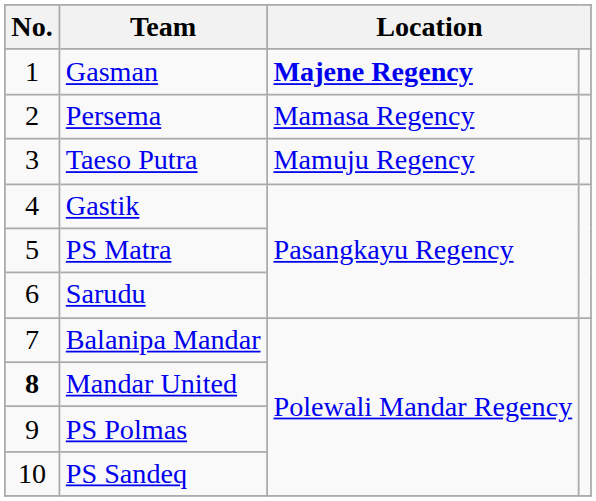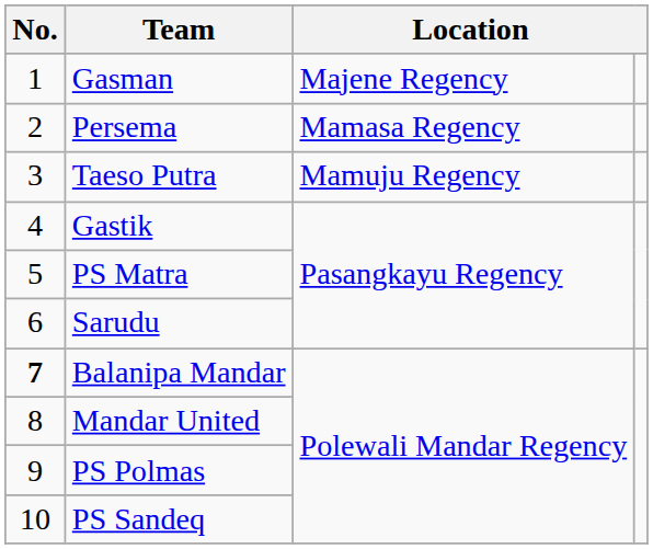 <table class="wikitable">
 <tr>
 <th>No.</th>
 <th>Team</th>
 <th colspan=2>Location</th>
 </tr>
 <tr>
 <td align=center>1</td>
 <td><a href='#'>Gasman</a></td>
-<td><strong><a href='#'>Majene Regency</a></strong></td>
+<td><a href='#'>Majene Regency</a></td>
 <td></td>
 </tr>
 <tr>
 <td align=center>2</td>
 <td><a href='#'>Persema</a></td>
 <td><a href='#'>Mamasa Regency</a></td>
 <td></td>
 </tr>
 <tr>
 <td align=center>3</td>
 <td><a href='#'>Taeso Putra</a></td>
 <td><a href='#'>Mamuju Regency</a></td>
 <td></td>
 </tr>
 <tr>
 <td align=center>4</td>
 <td><a href='#'>Gastik</a></td>
 <td rowspan=3><a href='#'>Pasangkayu Regency</a></td>
 <td rowspan=3></td>
 </tr>
 <tr>
 <td align=center>5</td>
 <td><a href='#'>PS Matra</a></td>
 </tr>
 <tr>
 <td align=center>6</td>
 <td><a href='#'>Sarudu</a></td>
 </tr>
 <tr>
-<td align=center>7</td>
+<td align=center><strong>7</strong></td>
 <td><a href='#'>Balanipa Mandar</a></td>
 <td rowspan=4><a href='#'>Polewali Mandar Regency</a></td>
 <td rowspan=4></td>
 </tr>
 <tr>
-<td align=center><strong>8</strong></td>
+<td align=center>8</td>
 <td><a href='#'>Mandar United</a></td>
 </tr>
 <tr>
 <td align=center>9</td>
 <td><a href='#'>PS Polmas</a></td>
 </tr>
 <tr>
 <td align=center>10</td>
 <td><a href='#'>PS Sandeq</a></td>
 </tr>
 </table>
